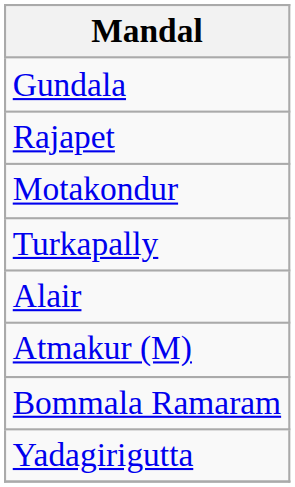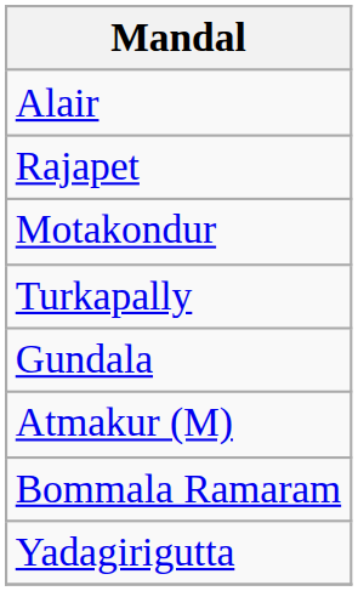 <table class="wikitable sortable static-row-numbers static-row-header-hash">
 <tr>
 <th>Mandal</th>
 </tr>
 <tr>
-<td><a href='#'>Gundala</a></td>
+<td><a href='#'>Alair</a></td>
 </tr>
 <tr>
 <td><a href='#'>Rajapet</a></td>
 </tr>
 <tr>
 <td><a href='#'>Motakondur</a></td>
 </tr>
 <tr>
 <td><a href='#'>Turkapally</a></td>
 </tr>
 <tr>
-<td><a href='#'>Alair</a></td>
+<td><a href='#'>Gundala</a></td>
 </tr>
 <tr>
 <td><a href='#'>Atmakur (M)</a></td>
 </tr>
 <tr>
 <td><a href='#'>Bommala Ramaram</a></td>
 </tr>
 <tr>
 <td><a href='#'>Yadagirigutta</a></td>
 </tr>
 <tr>
 </tr>
 </table>
